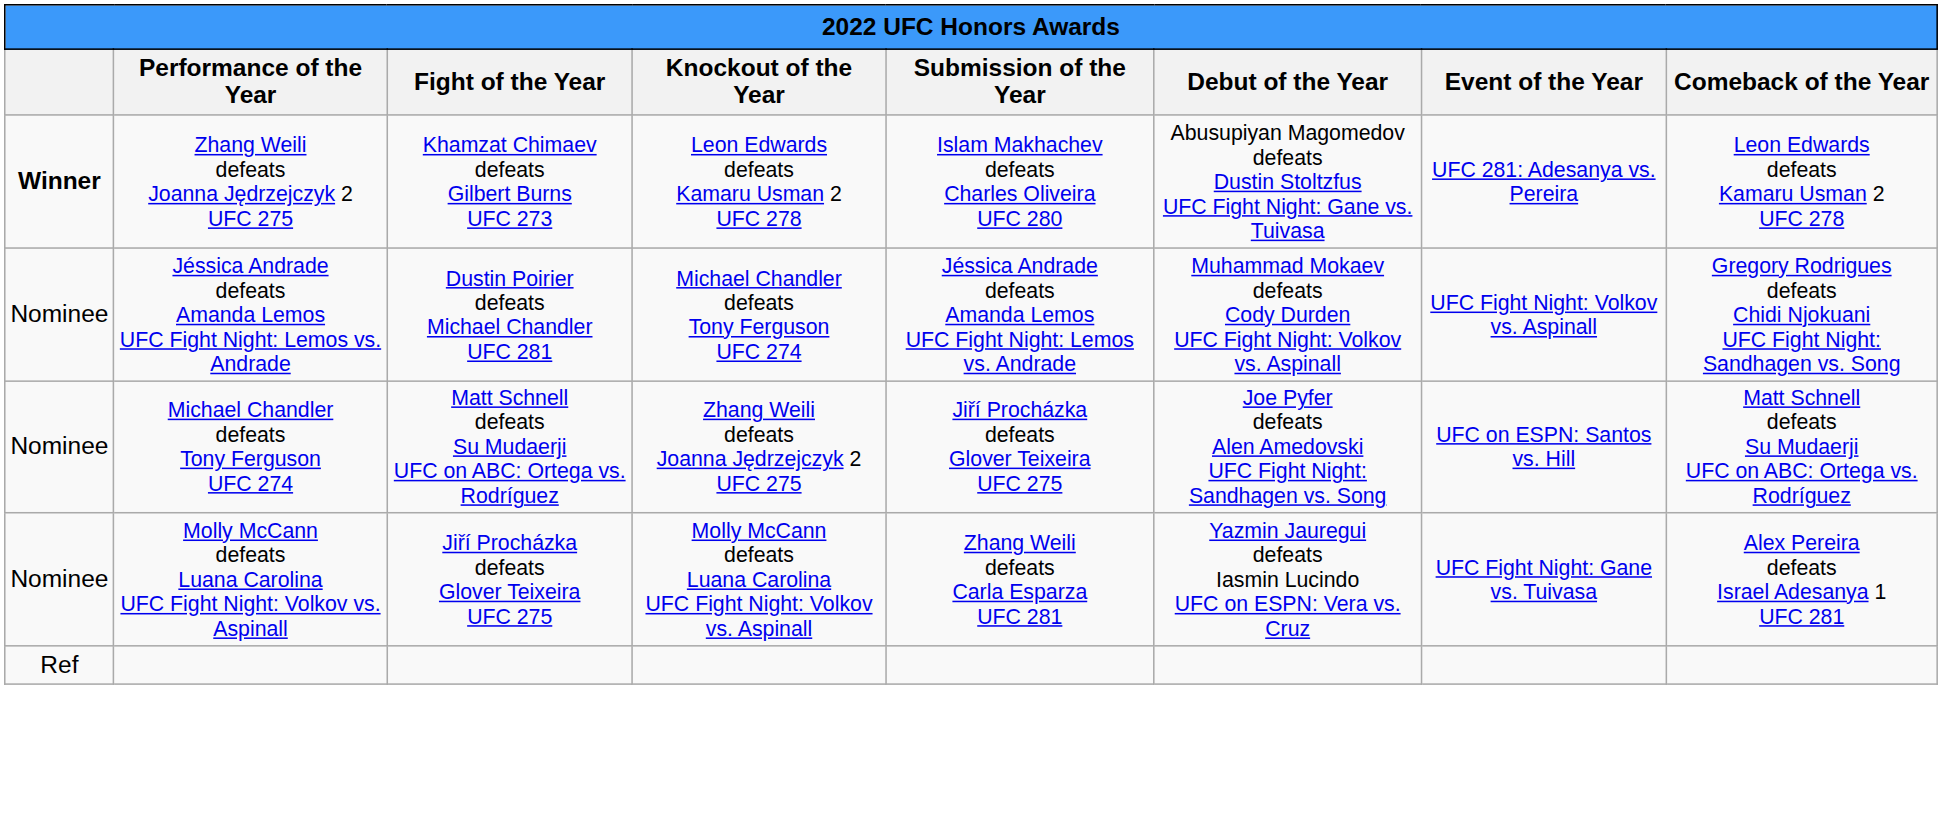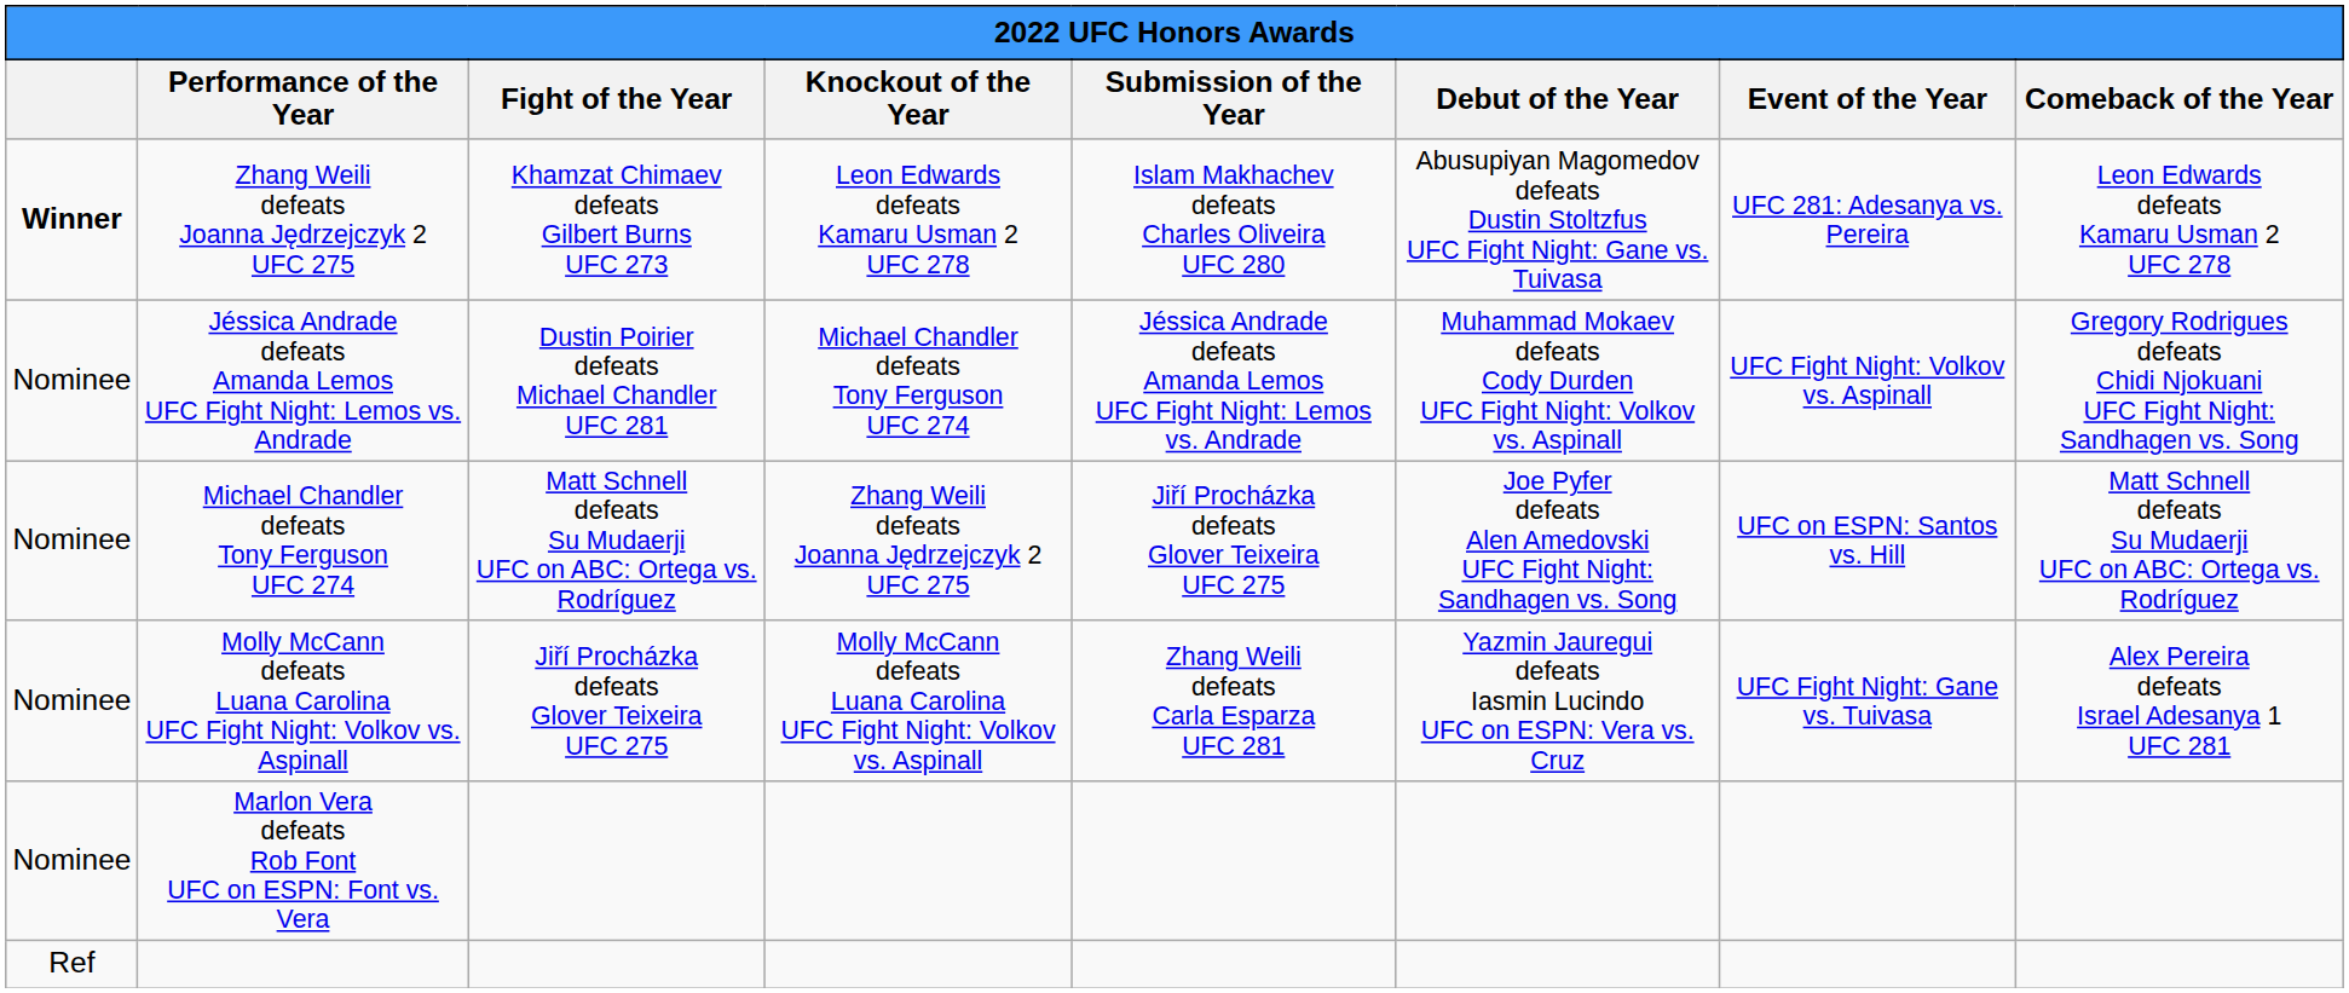 <table class="wikitable" width="100%" style="text-align:Center">
 <tr>
 <th colspan="8" style="border: 1px solid black; padding: 5px; background: #3B99FA;">2022 UFC Honors Awards</th>
 </tr>
 <tr>
 <th></th>
 <th>Performance of the Year</th>
 <th>Fight of the Year</th>
 <th>Knockout of the Year</th>
 <th>Submission of the Year</th>
 <th>Debut of the Year</th>
 <th>Event of the Year</th>
 <th>Comeback of the Year</th>
 </tr>
 <tr>
 <td><b>Winner</b></td>
 <td style="font-size:87%"><a href='#'>Zhang Weili</a> <br> defeats <br> <a href='#'>Joanna Jędrzejczyk</a> 2 <br> <a href='#'>UFC 275</a></td>
 <td style="font-size:87%"><a href='#'>Khamzat Chimaev</a> <br> defeats <br> <a href='#'>Gilbert Burns</a> <br> <a href='#'>UFC 273</a></td>
 <td style="font-size:87%"><a href='#'>Leon Edwards</a> <br> defeats <br> <a href='#'>Kamaru Usman</a> 2 <br> <a href='#'>UFC 278</a></td>
 <td style="font-size:87%"><a href='#'>Islam Makhachev</a> <br> defeats <br> <a href='#'>Charles Oliveira</a> <br> <a href='#'>UFC 280</a></td>
 <td style="font-size:87%">Abusupiyan Magomedov <br> defeats <br> <a href='#'>Dustin Stoltzfus</a> <br> <a href='#'>UFC Fight Night: Gane vs. Tuivasa</a></td>
 <td style="font-size:87%"><a href='#'>UFC 281: Adesanya vs. Pereira</a></td>
 <td style="font-size:87%"><a href='#'>Leon Edwards</a> <br> defeats <br> <a href='#'>Kamaru Usman</a> 2 <br> <a href='#'>UFC 278</a></td>
 </tr>
 <tr>
 <td>Nominee</td>
 <td style="font-size:87%"><a href='#'>Jéssica Andrade</a> <br> defeats <br> <a href='#'>Amanda Lemos</a> <br> <a href='#'>UFC Fight Night: Lemos vs. Andrade</a></td>
 <td style="font-size:87%"><a href='#'>Dustin Poirier</a> <br> defeats  <br> <a href='#'>Michael Chandler</a> <br> <a href='#'>UFC 281</a></td>
 <td style="font-size:87%"><a href='#'>Michael Chandler</a> <br> defeats <br> <a href='#'>Tony Ferguson</a> <br> <a href='#'>UFC 274</a></td>
 <td style="font-size:87%"><a href='#'>Jéssica Andrade</a> <br> defeats <br> <a href='#'>Amanda Lemos</a> <br> <a href='#'>UFC Fight Night: Lemos vs. Andrade</a></td>
 <td style="font-size:87%"><a href='#'>Muhammad Mokaev</a> <br> defeats <br> <a href='#'>Cody Durden</a> <br> <a href='#'>UFC Fight Night: Volkov vs. Aspinall</a></td>
 <td style="font-size:87%"><a href='#'>UFC Fight Night: Volkov vs. Aspinall</a></td>
 <td style="font-size:87%"><a href='#'>Gregory Rodrigues</a> <br> defeats <br> <a href='#'>Chidi Njokuani</a> <br> <a href='#'>UFC Fight Night: Sandhagen vs. Song</a></td>
 </tr>
 <tr>
 <td>Nominee</td>
 <td style="font-size:87%"><a href='#'>Michael Chandler</a> <br> defeats <br> <a href='#'>Tony Ferguson</a> <br> <a href='#'>UFC 274</a></td>
 <td style="font-size:87%"><a href='#'>Matt Schnell</a> <br> defeats <br> <a href='#'>Su Mudaerji</a> <br> <a href='#'>UFC on ABC: Ortega vs. Rodríguez</a></td>
 <td style="font-size:87%"><a href='#'>Zhang Weili</a> <br> defeats <br> <a href='#'>Joanna Jędrzejczyk</a> 2 <br> <a href='#'>UFC 275</a></td>
 <td style="font-size:87%"><a href='#'>Jiří Procházka</a> <br> defeats <br> <a href='#'>Glover Teixeira</a> <br> <a href='#'>UFC 275</a></td>
 <td style="font-size:87%"><a href='#'>Joe Pyfer</a> <br> defeats <br> <a href='#'>Alen Amedovski</a> <br> <a href='#'>UFC Fight Night: Sandhagen vs. Song</a></td>
 <td style="font-size:87%"><a href='#'>UFC on ESPN: Santos vs. Hill</a></td>
 <td style="font-size:87%"><a href='#'>Matt Schnell</a> <br> defeats <br> <a href='#'>Su Mudaerji</a> <br> <a href='#'>UFC on ABC: Ortega vs. Rodríguez</a></td>
 </tr>
 <tr>
 <td>Nominee</td>
 <td style="font-size:87%"><a href='#'>Molly McCann</a> <br> defeats <br> <a href='#'>Luana Carolina</a> <br> <a href='#'>UFC Fight Night: Volkov vs. Aspinall</a></td>
 <td style="font-size:87%"><a href='#'>Jiří Procházka</a> <br> defeats <br> <a href='#'>Glover Teixeira</a> <br> <a href='#'>UFC 275</a></td>
 <td style="font-size:87%"><a href='#'>Molly McCann</a> <br> defeats <br> <a href='#'>Luana Carolina</a> <br> <a href='#'>UFC Fight Night: Volkov vs. Aspinall</a></td>
 <td style="font-size:87%"><a href='#'>Zhang Weili</a> <br> defeats <br> <a href='#'>Carla Esparza</a> <br> <a href='#'>UFC 281</a></td>
 <td style="font-size:87%"><a href='#'>Yazmin Jauregui</a> <br> defeats <br> Iasmin Lucindo <br> <a href='#'>UFC on ESPN: Vera vs. Cruz</a></td>
 <td style="font-size:87%"><a href='#'>UFC Fight Night: Gane vs. Tuivasa</a></td>
 <td style="font-size:87%"><a href='#'>Alex Pereira</a> <br> defeats <br> <a href='#'>Israel Adesanya</a> 1<br> <a href='#'>UFC 281</a></td>
 </tr>
 <tr>
+<td>Nominee</td>
+<td style="font-size:87%"><a href='#'>Marlon Vera</a> <br> defeats <br> <a href='#'>Rob Font</a>  <br> <a href='#'>UFC on ESPN: Font vs. Vera</a></td>
+<td></td>
+<td></td>
+<td></td>
+<td></td>
+<td></td>
+<td></td>
+</tr>
+<tr>
 <td>Ref</td>
 <td></td>
 <td></td>
 <td></td>
 <td></td>
 <td></td>
 <td></td>
 <td></td>
 </tr>
 </table>
